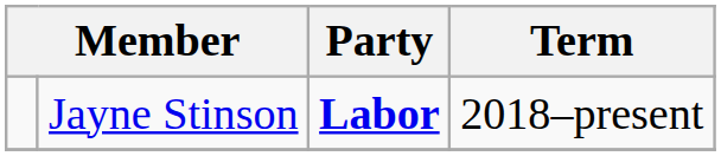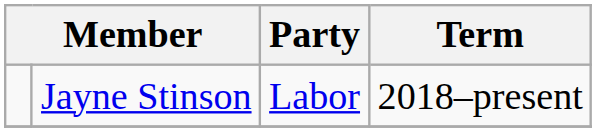 <table class="wikitable">
 <tr>
 <th colspan="2">Member</th>
 <th>Party</th>
 <th>Term</th>
 </tr>
 <tr>
 <td> </td>
 <td><a href='#'>Jayne Stinson</a></td>
-<td><strong><a href='#'>Labor</a></strong></td>
+<td><a href='#'>Labor</a></td>
 <td>2018–present</td>
 </tr>
 <tr>
 </tr>
 </table>
